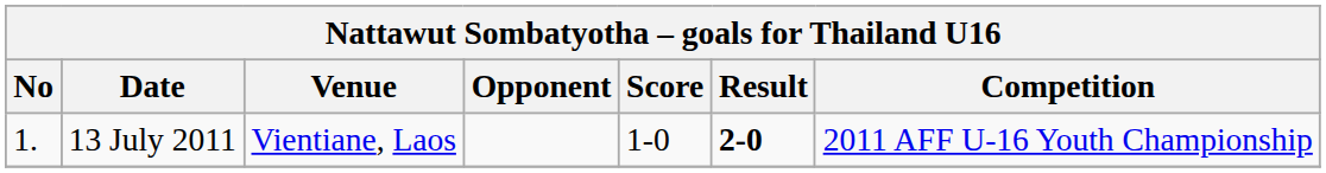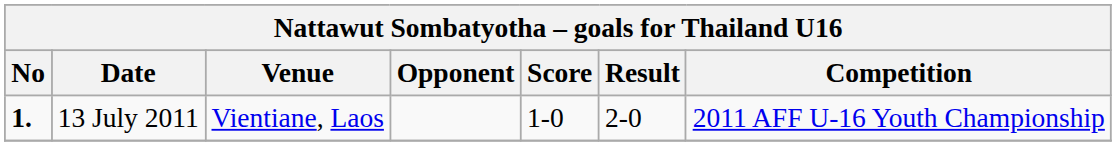 <table class="wikitable" style="font-size:95%;">
 <tr>
 <th colspan="8">Nattawut Sombatyotha – goals for Thailand U16</th>
 </tr>
 <tr>
 <th>No</th>
 <th>Date</th>
 <th>Venue</th>
 <th>Opponent</th>
 <th>Score</th>
 <th>Result</th>
 <th>Competition</th>
 </tr>
 <tr>
-<td>1.</td>
+<td><strong>1.</strong></td>
 <td>13 July 2011</td>
 <td><a href='#'>Vientiane</a>, <a href='#'>Laos</a></td>
 <td></td>
 <td>1-0</td>
-<td><strong>2-0</strong></td>
+<td>2-0</td>
 <td><a href='#'>2011 AFF U-16 Youth Championship</a></td>
 </tr>
 <tr>
 </tr>
 </table>
